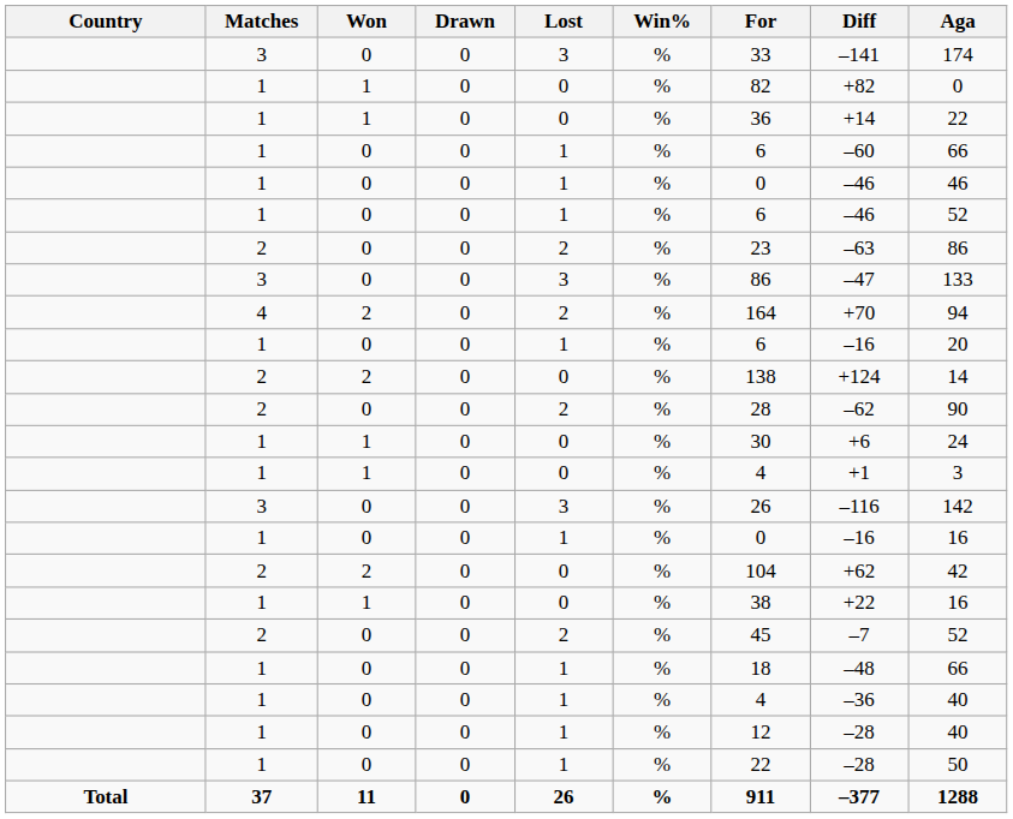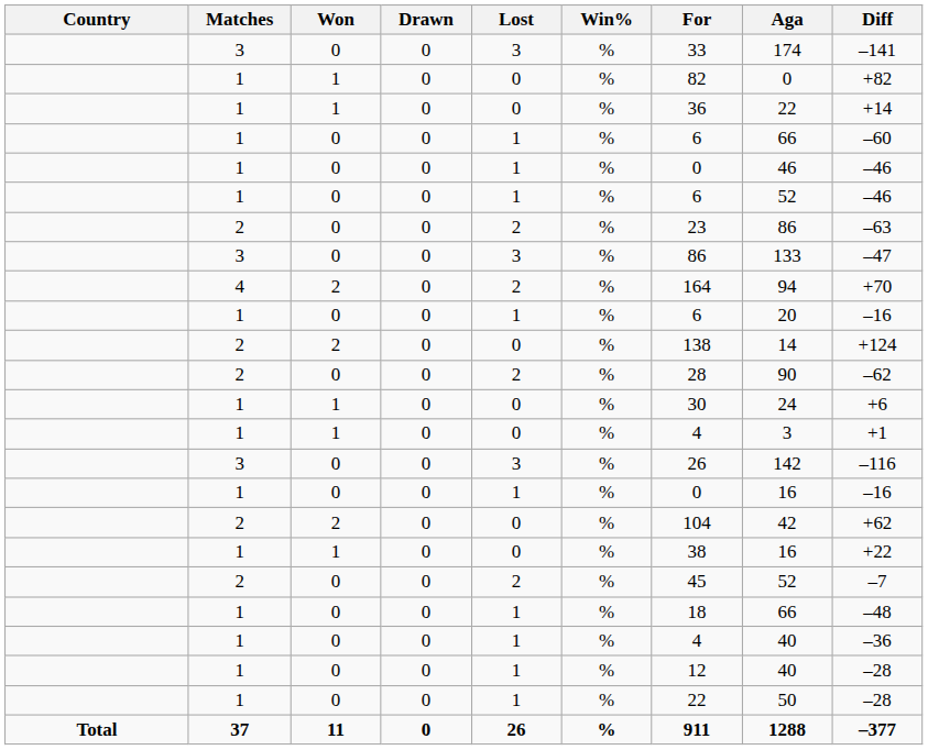 <table class="wikitable sortable" style="text-align:center">
 <tr>
 <th style="width:150px;">Country</th>
 <th width="80">Matches</th>
 <th width="70">Won</th>
 <th width="70">Drawn</th>
 <th width="70">Lost</th>
 <th width="70">Win%</th>
 <th width="70">For</th>
+<th width="70">Aga</th>
 <th width="70">Diff</th>
-<th width="70">Aga</th>
 </tr>
 <tr>
 <td style="text-align:left;"></td>
 <td>3</td>
 <td>0</td>
 <td>0</td>
 <td>3</td>
 <td>%</td>
 <td>33</td>
+<td>174</td>
 <td>–141</td>
-<td>174</td>
 </tr>
 <tr>
 <td style="text-align:left;"></td>
 <td>1</td>
 <td>1</td>
 <td>0</td>
 <td>0</td>
 <td>%</td>
 <td>82</td>
+<td>0</td>
 <td>+82</td>
-<td>0</td>
 </tr>
 <tr>
 <td style="text-align:left;"></td>
 <td>1</td>
 <td>1</td>
 <td>0</td>
 <td>0</td>
 <td>%</td>
 <td>36</td>
+<td>22</td>
 <td>+14</td>
-<td>22</td>
 </tr>
 <tr>
 <td style="text-align:left;"></td>
 <td>1</td>
 <td>0</td>
 <td>0</td>
 <td>1</td>
 <td>%</td>
 <td>6</td>
+<td>66</td>
 <td>–60</td>
-<td>66</td>
 </tr>
 <tr>
 <td style="text-align:left;"></td>
 <td>1</td>
 <td>0</td>
 <td>0</td>
 <td>1</td>
 <td>%</td>
 <td>0</td>
+<td>46</td>
 <td>–46</td>
-<td>46</td>
 </tr>
 <tr>
 <td style="text-align:left;"></td>
 <td>1</td>
 <td>0</td>
 <td>0</td>
 <td>1</td>
 <td>%</td>
 <td>6</td>
+<td>52</td>
 <td>–46</td>
-<td>52</td>
 </tr>
 <tr>
 <td style="text-align:left;"></td>
 <td>2</td>
 <td>0</td>
 <td>0</td>
 <td>2</td>
 <td>%</td>
 <td>23</td>
+<td>86</td>
 <td>–63</td>
-<td>86</td>
 </tr>
 <tr>
 <td style="text-align:left;"></td>
 <td>3</td>
 <td>0</td>
 <td>0</td>
 <td>3</td>
 <td>%</td>
 <td>86</td>
+<td>133</td>
 <td>–47</td>
-<td>133</td>
 </tr>
 <tr>
 <td style="text-align:left;"></td>
 <td>4</td>
 <td>2</td>
 <td>0</td>
 <td>2</td>
 <td>%</td>
 <td>164</td>
+<td>94</td>
 <td>+70</td>
-<td>94</td>
 </tr>
 <tr>
 <td style="text-align:left;"></td>
 <td>1</td>
 <td>0</td>
 <td>0</td>
 <td>1</td>
 <td>%</td>
 <td>6</td>
+<td>20</td>
 <td>–16</td>
-<td>20</td>
 </tr>
 <tr>
 <td style="text-align:left;"></td>
 <td>2</td>
 <td>2</td>
 <td>0</td>
 <td>0</td>
 <td>%</td>
 <td>138</td>
+<td>14</td>
 <td>+124</td>
-<td>14</td>
 </tr>
 <tr>
 <td style="text-align:left;"></td>
 <td>2</td>
 <td>0</td>
 <td>0</td>
 <td>2</td>
 <td>%</td>
 <td>28</td>
+<td>90</td>
 <td>–62</td>
-<td>90</td>
 </tr>
 <tr>
 <td style="text-align:left;"></td>
 <td>1</td>
 <td>1</td>
 <td>0</td>
 <td>0</td>
 <td>%</td>
 <td>30</td>
+<td>24</td>
 <td>+6</td>
-<td>24</td>
 </tr>
 <tr>
 <td style="text-align:left;"></td>
 <td>1</td>
 <td>1</td>
 <td>0</td>
 <td>0</td>
 <td>%</td>
 <td>4</td>
+<td>3</td>
 <td>+1</td>
-<td>3</td>
 </tr>
 <tr>
 <td style="text-align:left;"></td>
 <td>3</td>
 <td>0</td>
 <td>0</td>
 <td>3</td>
 <td>%</td>
 <td>26</td>
+<td>142</td>
 <td>–116</td>
-<td>142</td>
 </tr>
 <tr>
 <td style="text-align:left;"></td>
 <td>1</td>
 <td>0</td>
 <td>0</td>
 <td>1</td>
 <td>%</td>
 <td>0</td>
+<td>16</td>
 <td>–16</td>
-<td>16</td>
 </tr>
 <tr>
 <td style="text-align:left;"></td>
 <td>2</td>
 <td>2</td>
 <td>0</td>
 <td>0</td>
 <td>%</td>
 <td>104</td>
+<td>42</td>
 <td>+62</td>
-<td>42</td>
 </tr>
 <tr>
 <td style="text-align:left;"></td>
 <td>1</td>
 <td>1</td>
 <td>0</td>
 <td>0</td>
 <td>%</td>
 <td>38</td>
+<td>16</td>
 <td>+22</td>
-<td>16</td>
 </tr>
 <tr>
 <td style="text-align:left;"></td>
 <td>2</td>
 <td>0</td>
 <td>0</td>
 <td>2</td>
 <td>%</td>
 <td>45</td>
+<td>52</td>
 <td>–7</td>
-<td>52</td>
 </tr>
 <tr>
 <td style="text-align:left;"></td>
 <td>1</td>
 <td>0</td>
 <td>0</td>
 <td>1</td>
 <td>%</td>
 <td>18</td>
+<td>66</td>
 <td>–48</td>
-<td>66</td>
 </tr>
 <tr>
 <td style="text-align:left;"></td>
 <td>1</td>
 <td>0</td>
 <td>0</td>
 <td>1</td>
 <td>%</td>
 <td>4</td>
+<td>40</td>
 <td>–36</td>
-<td>40</td>
 </tr>
 <tr>
 <td style="text-align:left;"></td>
 <td>1</td>
 <td>0</td>
 <td>0</td>
 <td>1</td>
 <td>%</td>
 <td>12</td>
+<td>40</td>
 <td>–28</td>
-<td>40</td>
 </tr>
 <tr>
 <td style="text-align:left;"></td>
 <td>1</td>
 <td>0</td>
 <td>0</td>
 <td>1</td>
 <td>%</td>
 <td>22</td>
+<td>50</td>
 <td>–28</td>
-<td>50</td>
 </tr>
 <tr>
 <td><strong>Total</strong></td>
 <td><strong>37</strong></td>
 <td><strong>11</strong></td>
 <td><strong>0</strong></td>
 <td><strong>26</strong></td>
 <td><strong>%</strong></td>
 <td><strong>911</strong></td>
+<td><strong>1288</strong></td>
 <td><strong>–377</strong></td>
-<td><strong>1288</strong></td>
 </tr>
 </table>
